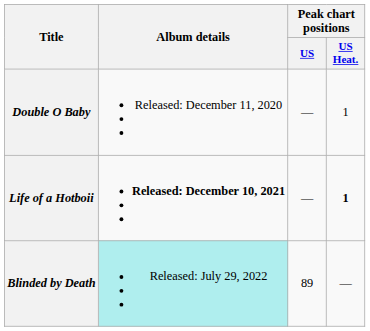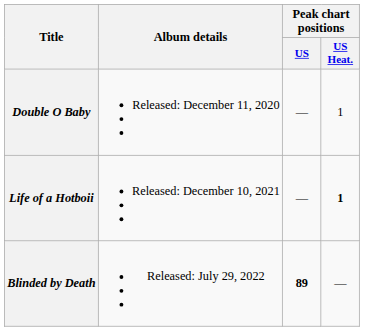 <table class="wikitable plainrowheaders" style="text-align:center;">
 <tr>
 <th rowspan="2">Title</th>
 <th rowspan="2">Album details</th>
 <th colspan="2">Peak chart positions</th>
 </tr>
 <tr>
 <th scope="col" style="width:3em;font-size:90%;"><a href='#'>US</a><br></th>
 <th scope="col" style="width:3em;font-size:90%;"><a href='#'>US<br>Heat.</a></th>
 </tr>
 <tr>
 <th scope="row"><em>Double O Baby</em></th>
 <td><br><ul><li>Released: December 11, 2020</li><li></li><li></li></ul></td>
 <td>—</td>
 <td>1<br></td>
 </tr>
 <tr>
 <th scope="row"><em>Life of a Hotboii</em></th>
-<td><strong><br><ul><li>Released: December 10, 2021</li><li></li><li></li></ul></strong></td>
+<td><br><ul><li>Released: December 10, 2021</li><li></li><li></li></ul></td>
 <td>—</td>
 <td><strong>1<br></strong></td>
 </tr>
 <tr>
 <th scope="row"><em>Blinded by Death</em></th>
-<td style="background: paleturquoise;"><br><ul><li>Released: July 29, 2022</li><li></li><li></li></ul></td>
-<td>89</td>
+<td><br><ul><li>Released: July 29, 2022</li><li></li><li></li></ul></td>
+<td><strong>89</strong></td>
 <td>—</td>
 </tr>
 </table>
